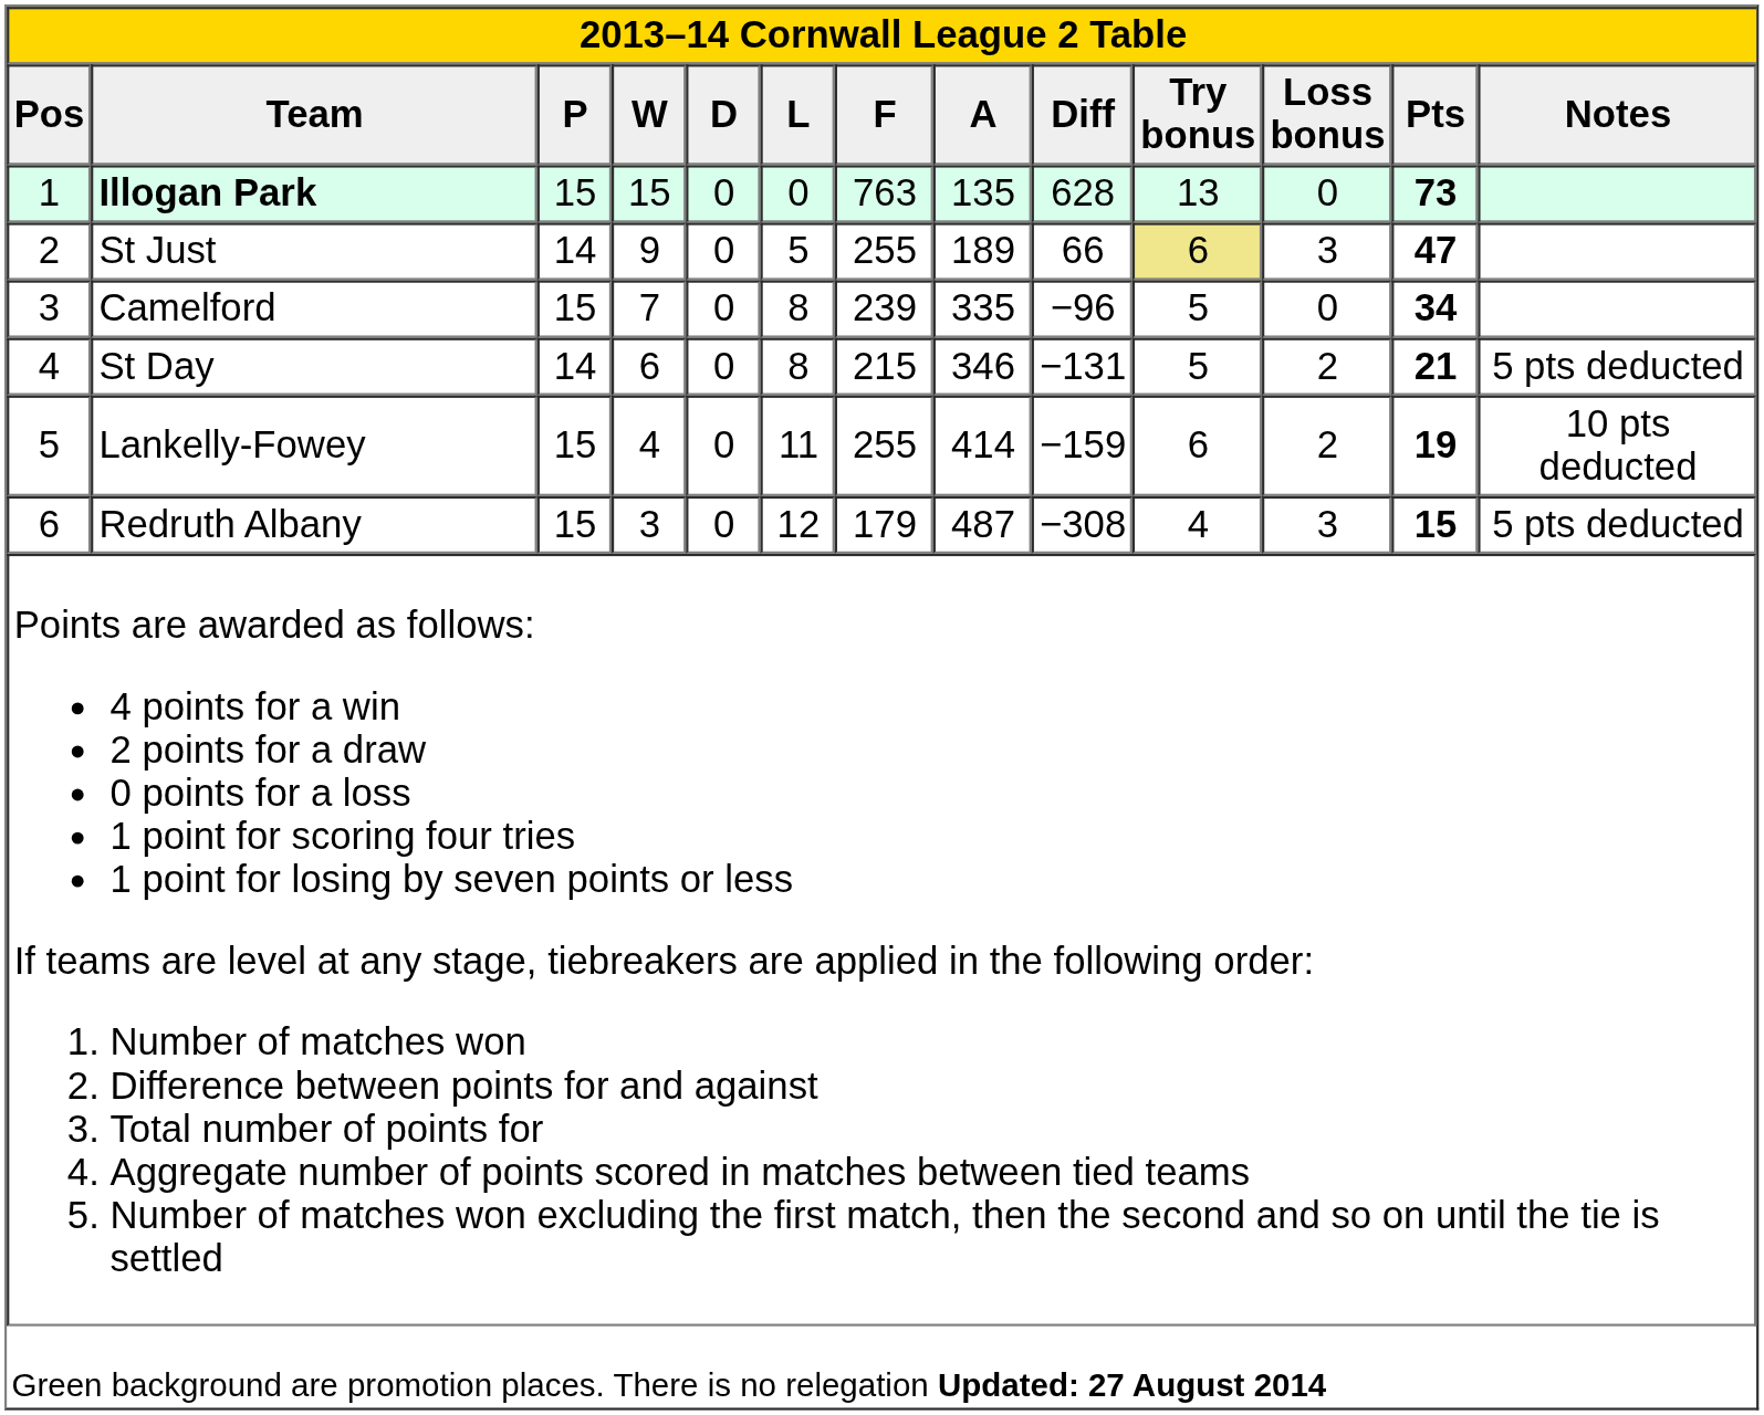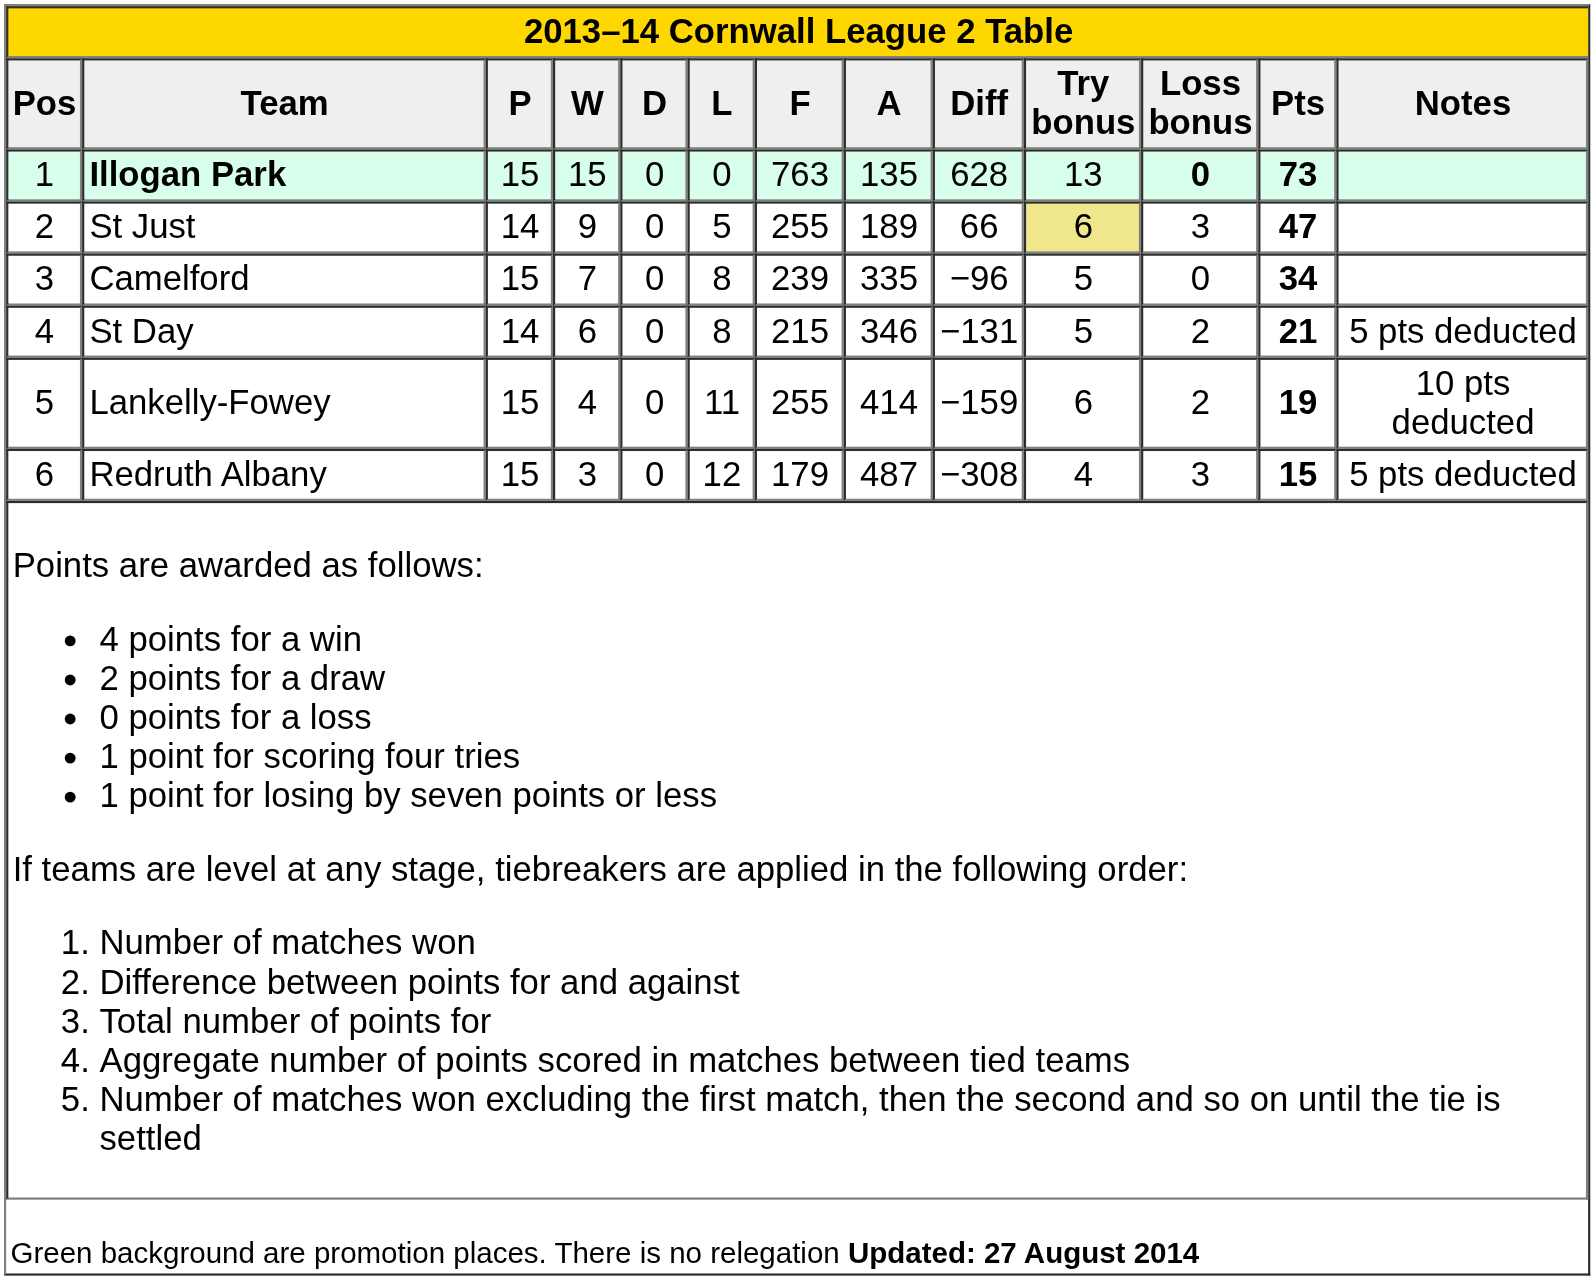 <table border="1" cellpadding="2" cellspacing="0">
 <tr bgcolor="gold">
 <th colspan=13 style="border-right:0px;";>2013–14 Cornwall League 2 Table</th>
 </tr>
 <tr bgcolor="#efefef">
 <th width="20">Pos</th>
 <th width="180">Team</th>
 <th width="25">P</th>
 <th width="25">W</th>
 <th width="25">D</th>
 <th width="25">L</th>
 <th width="35">F</th>
 <th width="35">A</th>
 <th width="35">Diff</th>
 <th width="35">Try bonus</th>
 <th width="35">Loss bonus</th>
 <th width="30">Pts</th>
 <th width="110">Notes</th>
 </tr>
 <tr bgcolor=#d8ffeb align=center>
 <td>1</td>
 <td align=left><strong>Illogan Park</strong></td>
 <td>15</td>
 <td>15</td>
 <td>0</td>
 <td>0</td>
 <td>763</td>
 <td>135</td>
 <td>628</td>
 <td>13</td>
-<td>0</td>
+<td><strong>0</strong></td>
 <td><strong>73</strong></td>
 <td></td>
 </tr>
 <tr align=center>
 <td>2</td>
 <td align=left>St Just</td>
 <td>14</td>
 <td>9</td>
 <td>0</td>
 <td>5</td>
 <td>255</td>
 <td>189</td>
 <td>66</td>
 <td style="background: khaki;">6</td>
 <td>3</td>
 <td><strong>47</strong></td>
 <td></td>
 </tr>
 <tr align=center>
 <td>3</td>
 <td align=left>Camelford</td>
 <td>15</td>
 <td>7</td>
 <td>0</td>
 <td>8</td>
 <td>239</td>
 <td>335</td>
 <td>−96</td>
 <td>5</td>
 <td>0</td>
 <td><strong>34</strong></td>
 <td></td>
 </tr>
 <tr align=center>
 <td>4</td>
 <td align=left>St Day</td>
 <td>14</td>
 <td>6</td>
 <td>0</td>
 <td>8</td>
 <td>215</td>
 <td>346</td>
 <td>−131</td>
 <td>5</td>
 <td>2</td>
 <td><strong>21</strong></td>
 <td>5 pts deducted</td>
 </tr>
 <tr align=center>
 <td>5</td>
 <td align=left>Lankelly-Fowey</td>
 <td>15</td>
 <td>4</td>
 <td>0</td>
 <td>11</td>
 <td>255</td>
 <td>414</td>
 <td>−159</td>
 <td>6</td>
 <td>2</td>
 <td><strong>19</strong></td>
 <td>10 pts deducted</td>
 </tr>
 <tr align=center>
 <td>6</td>
 <td align=left>Redruth Albany</td>
 <td>15</td>
 <td>3</td>
 <td>0</td>
 <td>12</td>
 <td>179</td>
 <td>487</td>
 <td>−308</td>
 <td>4</td>
 <td>3</td>
 <td><strong>15</strong></td>
 <td>5 pts deducted</td>
 </tr>
 <tr align=center>
 </tr>
 <tr bgcolor=#ffffff>
 <td colspan="13"><br>Points are awarded as follows:<ul><li>4 points for a win</li><li>2 points for a draw</li><li>0 points for a loss</li><li>1 point for scoring four tries</li><li>1 point for losing by seven points or less</li></ul>If teams are level at any stage, tiebreakers are applied in the following order:<ol><li>Number of matches won</li><li>Difference between points for and against</li><li>Total number of points for</li><li>Aggregate number of points scored in matches between tied teams</li><li>Number of matches won excluding the first match, then the second and so on until the tie is settled</li></ol></td>
 </tr>
 <tr |align=left|>
 <td colspan="15" style="border:0px;font-size:85%;"><br><span>Green background</span> are promotion places. There is no relegation <strong>Updated: 27 August 2014</strong></td>
 </tr>
 </table>
